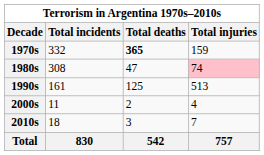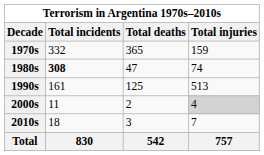 <table class="wikitable mw collapsible">
 <tr>
 <th colspan=4 style=background:white;>Terrorism in Argentina 1970s–2010s</th>
 </tr>
 <tr>
 <th>Decade</th>
 <th>Total incidents</th>
 <th>Total deaths</th>
 <th>Total injuries</th>
 </tr>
 <tr>
 <th>1970s</th>
 <td>332</td>
-<td><strong>365</strong></td>
+<td>365</td>
 <td>159</td>
 </tr>
 <tr>
 <th>1980s</th>
-<td>308</td>
+<td><strong>308</strong></td>
 <td>47</td>
-<td style="background: pink;">74</td>
+<td>74</td>
 </tr>
 <tr>
 <th>1990s</th>
 <td>161</td>
 <td>125</td>
 <td>513</td>
 </tr>
 <tr>
 <th>2000s</th>
 <td>11</td>
 <td>2</td>
-<td>4</td>
+<td style="background: lightgrey;">4</td>
 </tr>
 <tr>
 <th>2010s</th>
 <td>18</td>
 <td>3</td>
 <td>7</td>
 </tr>
 <tr>
 <th>Total</th>
 <th>830</th>
 <th>542</th>
 <th>757</th>
 </tr>
 </table>
